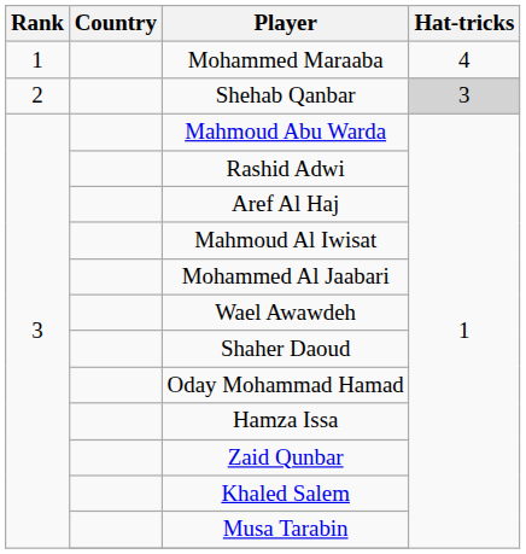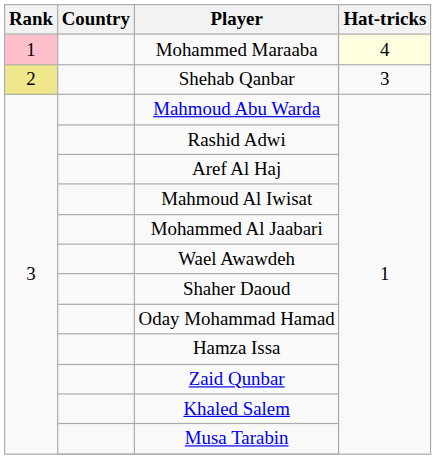 <table class="wikitable" style="text-align:center;">
 <tr>
 <th>Rank</th>
 <th>Country</th>
 <th>Player</th>
 <th>Hat-tricks</th>
 </tr>
 <tr>
-<td>1</td>
+<td style="background: pink;">1</td>
 <td></td>
 <td>Mohammed Maraaba</td>
-<td>4</td>
+<td style="background: lightyellow;">4</td>
 </tr>
 <tr>
-<td>2</td>
+<td style="background: khaki;">2</td>
 <td></td>
 <td>Shehab Qanbar</td>
-<td style="background: lightgrey;">3</td>
+<td>3</td>
 </tr>
 <tr>
 <td rowspan=20>3</td>
 <td></td>
 <td><a href='#'>Mahmoud Abu Warda</a></td>
 <td rowspan=20>1</td>
 </tr>
 <tr>
 <td></td>
 <td>Rashid Adwi</td>
 </tr>
 <tr>
 <td></td>
 <td>Aref Al Haj</td>
 </tr>
 <tr>
 <td></td>
 <td>Mahmoud Al Iwisat</td>
 </tr>
 <tr>
 <td></td>
 <td>Mohammed Al Jaabari</td>
 </tr>
 <tr>
 <td></td>
 <td>Wael Awawdeh</td>
 </tr>
 <tr>
 <td></td>
 <td>Shaher Daoud</td>
 </tr>
 <tr>
 <td></td>
 <td>Oday Mohammad Hamad</td>
 </tr>
 <tr>
 <td></td>
 <td>Hamza Issa</td>
 </tr>
 <tr>
 <td></td>
 <td><a href='#'>Zaid Qunbar</a></td>
 </tr>
 <tr>
 <td></td>
 <td><a href='#'>Khaled Salem</a></td>
 </tr>
 <tr>
 <td></td>
 <td><a href='#'>Musa Tarabin</a></td>
 </tr>
 <tr>
 </tr>
 </table>
